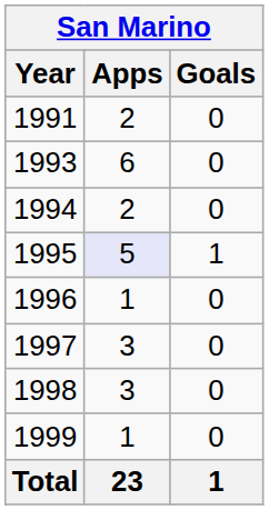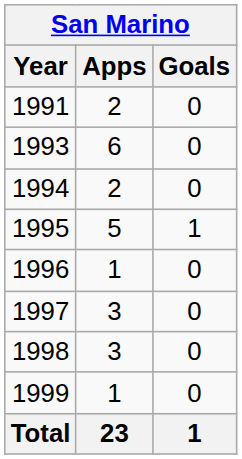 <table class="wikitable" style="text-align:center">
 <tr>
 <th colspan=3><a href='#'>San Marino</a></th>
 </tr>
 <tr>
 <th>Year</th>
 <th>Apps</th>
 <th>Goals</th>
 </tr>
 <tr>
 <td>1991</td>
 <td>2</td>
 <td>0</td>
 </tr>
 <tr>
 <td>1993</td>
 <td>6</td>
 <td>0</td>
 </tr>
 <tr>
 <td>1994</td>
 <td>2</td>
 <td>0</td>
 </tr>
 <tr>
 <td>1995</td>
-<td style="background: lavender;">5</td>
+<td>5</td>
 <td>1</td>
 </tr>
 <tr>
 <td>1996</td>
 <td>1</td>
 <td>0</td>
 </tr>
 <tr>
 <td>1997</td>
 <td>3</td>
 <td>0</td>
 </tr>
 <tr>
 <td>1998</td>
 <td>3</td>
 <td>0</td>
 </tr>
 <tr>
 <td>1999</td>
 <td>1</td>
 <td>0</td>
 </tr>
 <tr>
 <th>Total</th>
 <th>23</th>
 <th>1</th>
 </tr>
 </table>
